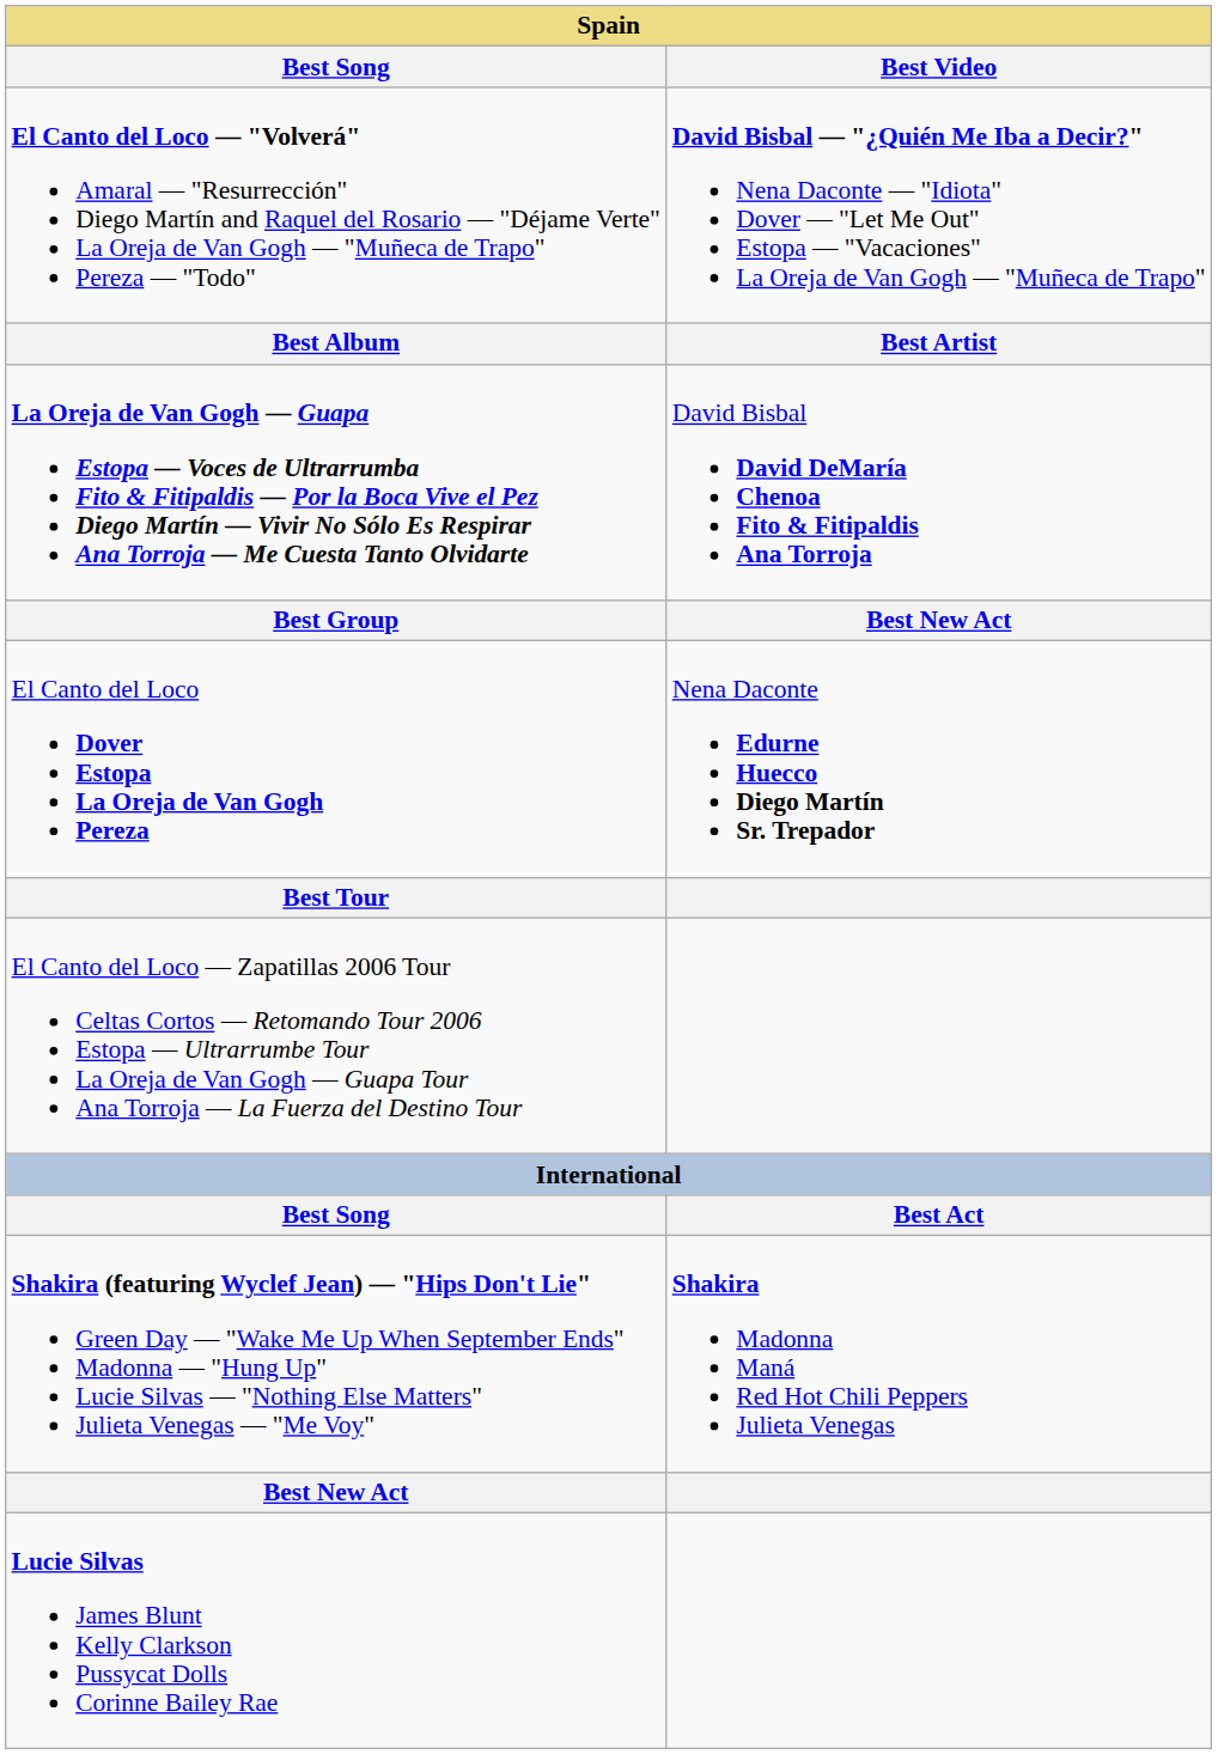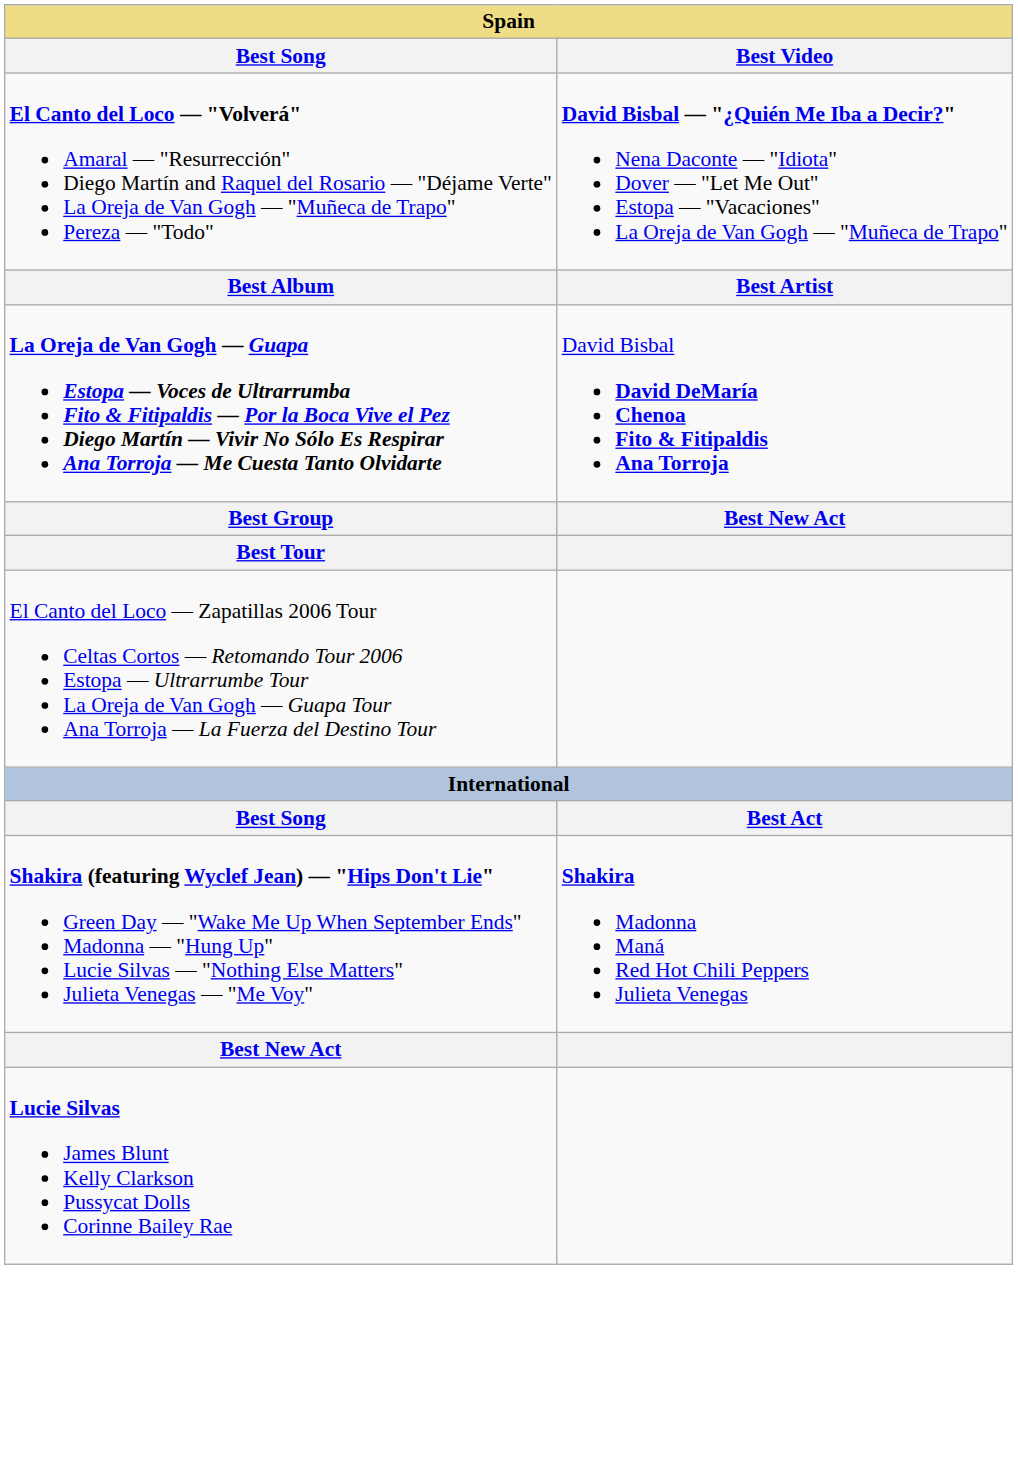 <table class=wikitable style="width=100%">
 <tr>
 <td colspan=2 align=center style="background:#EEDD85;"><strong>Spain</strong></td>
 </tr>
 <tr>
 <th style="width=50%"><a href='#'>Best Song</a></th>
 <th style="width=50%"><a href='#'>Best Video</a></th>
 </tr>
 <tr>
 <td valign="top"><br><strong><a href='#'>El Canto del Loco</a> — "Volverá"</strong><ul><li><a href='#'>Amaral</a> — "Resurrección"</li><li>Diego Martín and <a href='#'>Raquel del Rosario</a> — "Déjame Verte"</li><li><a href='#'>La Oreja de Van Gogh</a> — "<a href='#'>Muñeca de Trapo</a>"</li><li><a href='#'>Pereza</a> — "Todo"</li></ul></td>
 <td valign="top"><br><strong><a href='#'>David Bisbal</a> — "<a href='#'>¿Quién Me Iba a Decir?</a>"</strong><ul><li><a href='#'>Nena Daconte</a> — "<a href='#'>Idiota</a>"</li><li><a href='#'>Dover</a> — "Let Me Out"</li><li><a href='#'>Estopa</a> — "Vacaciones"</li><li><a href='#'>La Oreja de Van Gogh</a> — "<a href='#'>Muñeca de Trapo</a>"</li></ul></td>
 </tr>
 <tr>
 <th style="width=50%"><a href='#'>Best Album</a></th>
 <th style="width=50%"><a href='#'>Best Artist</a></th>
 </tr>
 <tr>
 <td valign="top"><br><strong><a href='#'>La Oreja de Van Gogh</a> — <em><a href='#'>Guapa</a><strong><em><ul><li><a href='#'>Estopa</a> — </em>Voces de Ultrarrumba<em></li><li><a href='#'>Fito & Fitipaldis</a> — </em><a href='#'>Por la Boca Vive el Pez</a><em></li><li>Diego Martín — </em>Vivir No Sólo Es Respirar<em></li><li><a href='#'>Ana Torroja</a> — </em>Me Cuesta Tanto Olvidarte<em></li></ul></td>
 <td valign="top"><br></strong><a href='#'>David Bisbal</a><strong><ul><li><a href='#'>David DeMaría</a></li><li><a href='#'>Chenoa</a></li><li><a href='#'>Fito & Fitipaldis</a></li><li><a href='#'>Ana Torroja</a></li></ul></td>
 </tr>
 <tr>
 <th style="width=50%"><a href='#'>Best Group</a></th>
 <th style="width=50%"><a href='#'>Best New Act</a></th>
-</tr>
-<tr>
-<td valign="top"><br></strong><a href='#'>El Canto del Loco</a><strong><ul><li><a href='#'>Dover</a></li><li><a href='#'>Estopa</a></li><li><a href='#'>La Oreja de Van Gogh</a></li><li><a href='#'>Pereza</a></li></ul></td>
-<td valign="top"><br></strong><a href='#'>Nena Daconte</a><strong><ul><li><a href='#'>Edurne</a></li><li><a href='#'>Huecco</a></li><li>Diego Martín</li><li>Sr. Trepador</li></ul></td>
 </tr>
 <tr>
 <th style="width=50%"><a href='#'>Best Tour</a></th>
 <th style="width=50%"></th>
 </tr>
 <tr>
 <td valign="top"><br></strong><a href='#'>El Canto del Loco</a> — </em>Zapatillas 2006 Tour</em></strong><ul><li><a href='#'>Celtas Cortos</a> — <em>Retomando Tour 2006</em></li><li><a href='#'>Estopa</a> — <em> Ultrarrumbe Tour</em></li><li><a href='#'>La Oreja de Van Gogh</a> — <em>Guapa Tour</em></li><li><a href='#'>Ana Torroja</a> — <em>La Fuerza del Destino Tour</em></li></ul></td>
 <td valign="top"></td>
 </tr>
 <tr>
 <td colspan=2 align=center style="background:#B0C4DE;"><strong>International</strong></td>
 </tr>
 <tr>
 <th style="width=50%"><a href='#'>Best Song</a></th>
 <th style="width=50%"><a href='#'>Best Act</a></th>
 </tr>
 <tr>
 <td valign="top"><br><strong><a href='#'>Shakira</a> (featuring <a href='#'>Wyclef Jean</a>) — "<a href='#'>Hips Don't Lie</a>"</strong><ul><li><a href='#'>Green Day</a> —  "<a href='#'>Wake Me Up When September Ends</a>"</li><li><a href='#'>Madonna</a> — "<a href='#'>Hung Up</a>"</li><li><a href='#'>Lucie Silvas</a> — "<a href='#'>Nothing Else Matters</a>"</li><li><a href='#'>Julieta Venegas</a> — "<a href='#'>Me Voy</a>"</li></ul></td>
 <td valign="top"><br><strong><a href='#'>Shakira</a></strong><ul><li><a href='#'>Madonna</a></li><li><a href='#'>Maná</a></li><li><a href='#'>Red Hot Chili Peppers</a></li><li><a href='#'>Julieta Venegas</a></li></ul></td>
 </tr>
 <tr>
 <th style="width=50%"><a href='#'>Best New Act</a></th>
 <th style="width=50%"></th>
 </tr>
 <tr>
 <td valign="top"><br><strong><a href='#'>Lucie Silvas</a></strong><ul><li><a href='#'>James Blunt</a></li><li><a href='#'>Kelly Clarkson</a></li><li><a href='#'>Pussycat Dolls</a></li><li><a href='#'>Corinne Bailey Rae</a></li></ul></td>
 <td valign="top"></td>
 </tr>
 </table>
